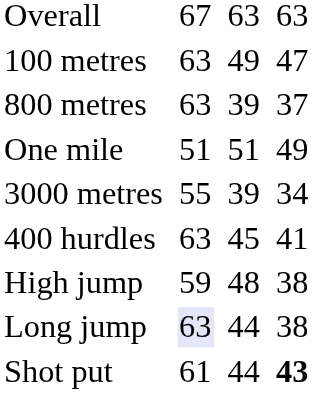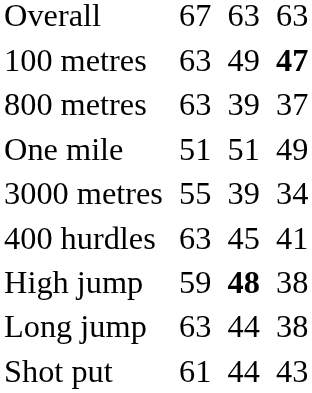 <table>
 <tr>
 <td>Overall</td>
 <td></td>
 <td>67</td>
 <td></td>
 <td>63</td>
 <td></td>
 <td>63</td>
 </tr>
 <tr>
 <td>100 metres</td>
 <td></td>
 <td>63</td>
 <td></td>
 <td>49</td>
 <td></td>
-<td>47</td>
+<td><strong>47</strong></td>
 </tr>
 <tr>
 <td>800 metres</td>
 <td></td>
 <td>63</td>
 <td></td>
 <td>39</td>
 <td></td>
 <td>37</td>
 </tr>
 <tr>
 <td>One mile</td>
 <td></td>
 <td>51</td>
 <td></td>
 <td>51</td>
 <td></td>
 <td>49</td>
 </tr>
 <tr>
 <td>3000 metres</td>
 <td></td>
 <td>55</td>
 <td></td>
 <td>39</td>
 <td></td>
 <td>34</td>
 </tr>
 <tr>
 <td>400 hurdles</td>
 <td></td>
 <td>63</td>
 <td></td>
 <td>45</td>
 <td></td>
 <td>41</td>
 </tr>
 <tr>
 <td>High jump</td>
 <td></td>
 <td>59</td>
 <td></td>
-<td>48</td>
+<td><strong>48</strong></td>
 <td></td>
 <td>38</td>
 </tr>
 <tr>
 <td>Long jump</td>
 <td></td>
-<td style="background: lavender;">63</td>
+<td>63</td>
 <td></td>
 <td>44</td>
 <td></td>
 <td>38</td>
 </tr>
 <tr>
 <td>Shot put</td>
 <td></td>
 <td>61</td>
 <td></td>
 <td>44</td>
 <td></td>
-<td><strong>43</strong></td>
+<td>43</td>
 </tr>
 <tr>
 </tr>
 </table>
